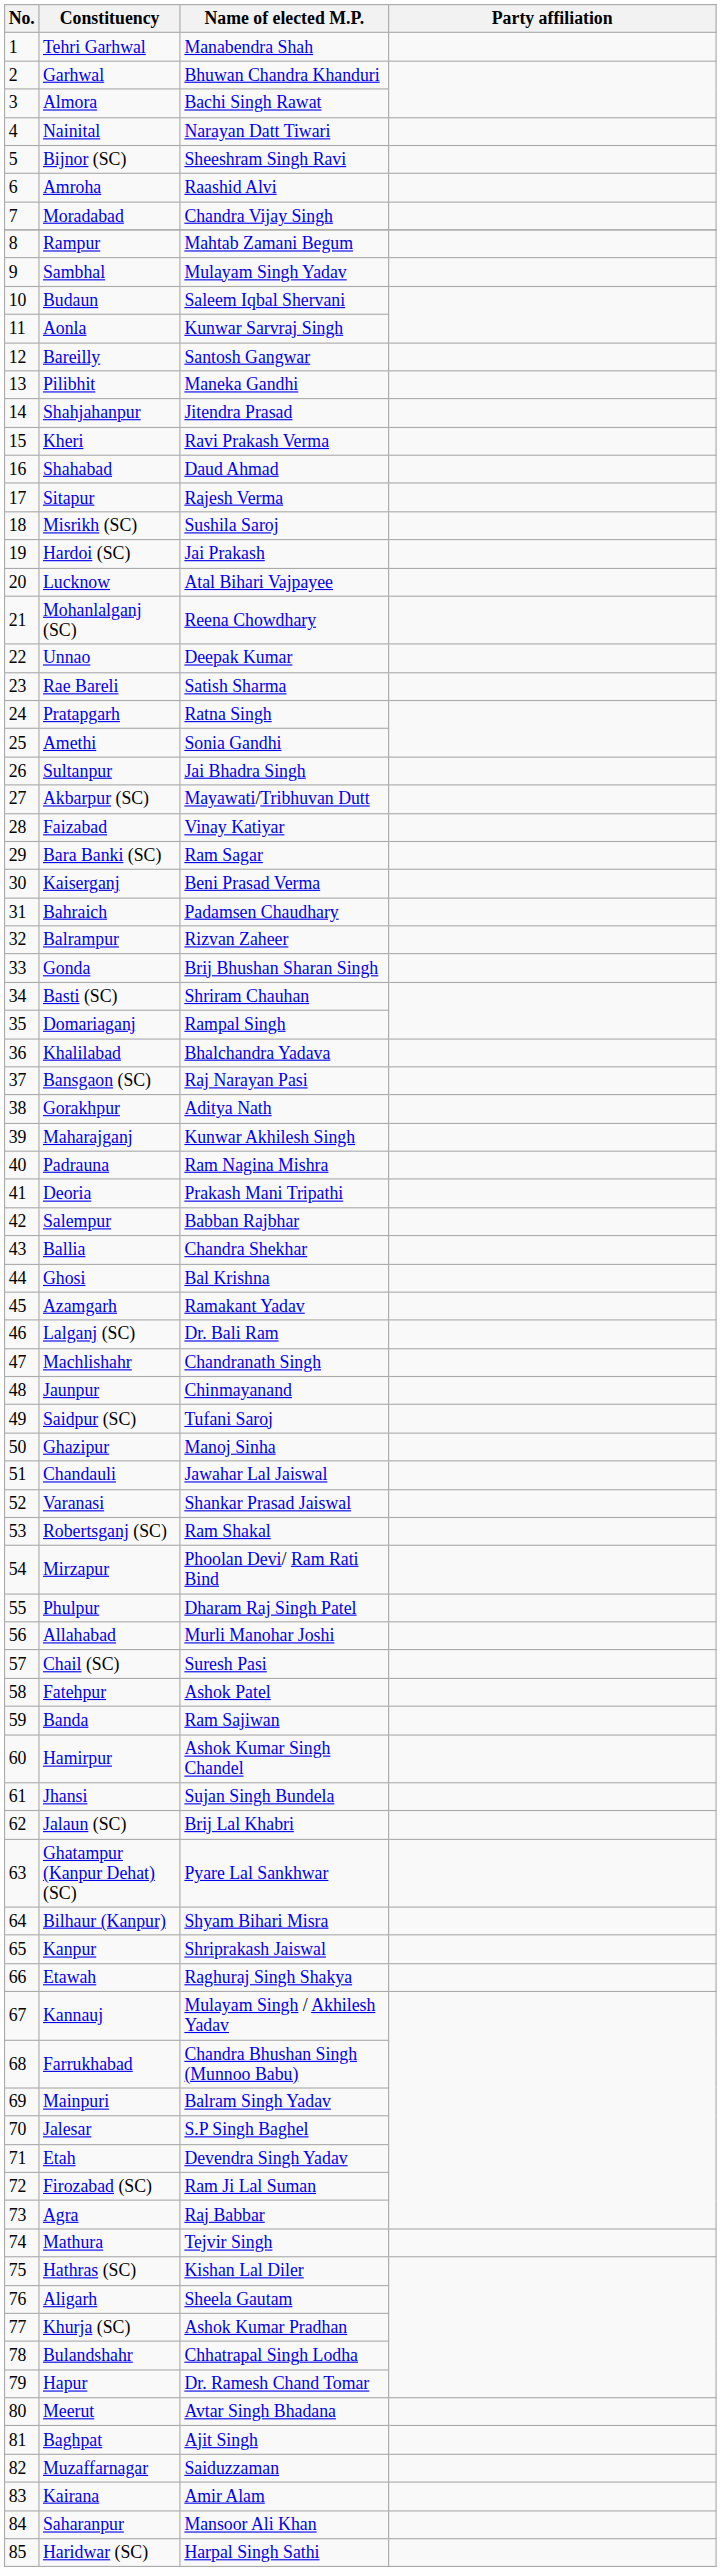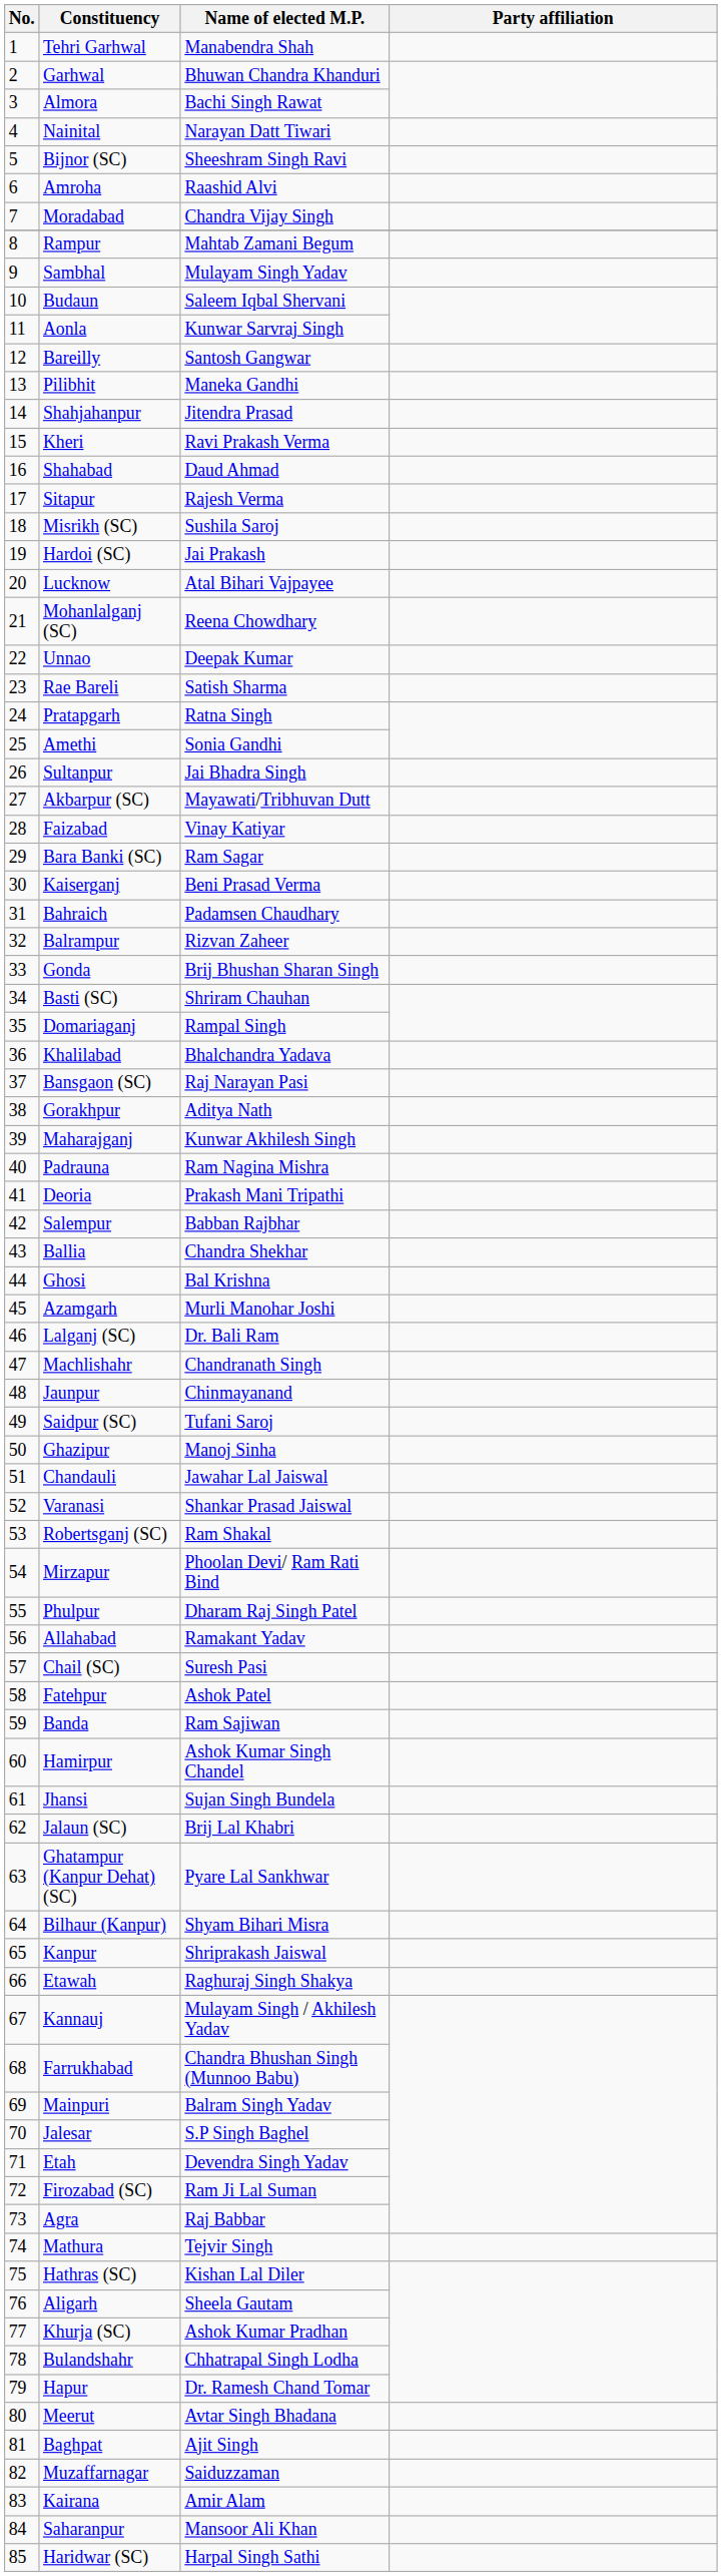 <table class="wikitable">
 <tr style="background:#ccc;-text-align:center;">
 <th>No.</th>
 <th style="width:120px">Constituency</th>
 <th style="width:180px">Name of elected M.P.</th>
 <th colspan="2" style="width:18em">Party affiliation</th>
 </tr>
 <tr>
 <td>1</td>
 <td><a href='#'>Tehri Garhwal</a></td>
 <td><a href='#'>Manabendra Shah</a></td>
 <td></td>
 </tr>
 <tr>
 <td>2</td>
 <td><a href='#'>Garhwal</a></td>
 <td><a href='#'>Bhuwan Chandra Khanduri</a></td>
 </tr>
 <tr>
 <td>3</td>
 <td><a href='#'>Almora</a></td>
 <td><a href='#'>Bachi Singh Rawat</a></td>
 </tr>
 <tr>
 <td>4</td>
 <td><a href='#'>Nainital</a></td>
 <td><a href='#'>Narayan Datt Tiwari</a></td>
 <td></td>
 </tr>
 <tr>
 <td>5</td>
 <td><a href='#'>Bijnor</a> (SC)</td>
 <td><a href='#'>Sheeshram Singh Ravi</a></td>
 <td></td>
 </tr>
 <tr>
 <td>6</td>
 <td><a href='#'>Amroha</a></td>
 <td><a href='#'>Raashid Alvi</a></td>
 <td></td>
 </tr>
 <tr>
 <td>7</td>
 <td><a href='#'>Moradabad</a></td>
 <td><a href='#'>Chandra Vijay Singh</a></td>
 <td></td>
 </tr>
 <tr bgcolor=#FFFFFF>
 </tr>
 <tr>
 <td>8</td>
 <td><a href='#'>Rampur</a></td>
 <td><a href='#'>Mahtab Zamani Begum</a></td>
 <td></td>
 </tr>
 <tr>
 <td>9</td>
 <td><a href='#'>Sambhal</a></td>
 <td><a href='#'>Mulayam Singh Yadav</a></td>
 <td></td>
 </tr>
 <tr>
 <td>10</td>
 <td><a href='#'>Budaun</a></td>
 <td><a href='#'>Saleem Iqbal Shervani</a></td>
 </tr>
 <tr>
 <td>11</td>
 <td><a href='#'>Aonla</a></td>
 <td><a href='#'>Kunwar Sarvraj Singh</a></td>
 </tr>
 <tr>
 <td>12</td>
 <td><a href='#'>Bareilly</a></td>
 <td><a href='#'>Santosh Gangwar</a></td>
 <td></td>
 </tr>
 <tr>
 <td>13</td>
 <td><a href='#'>Pilibhit</a></td>
 <td><a href='#'>Maneka Gandhi</a></td>
 <td></td>
 </tr>
 <tr>
 <td>14</td>
 <td><a href='#'>Shahjahanpur</a></td>
 <td><a href='#'>Jitendra Prasad</a></td>
 <td></td>
 </tr>
 <tr>
 <td>15</td>
 <td><a href='#'>Kheri</a></td>
 <td><a href='#'>Ravi Prakash Verma</a></td>
 <td></td>
 </tr>
 <tr>
 <td>16</td>
 <td><a href='#'>Shahabad</a></td>
 <td><a href='#'>Daud Ahmad</a></td>
 <td></td>
 </tr>
 <tr>
 <td>17</td>
 <td><a href='#'>Sitapur</a></td>
 <td><a href='#'>Rajesh Verma</a></td>
 </tr>
 <tr>
 <td>18</td>
 <td><a href='#'>Misrikh</a> (SC)</td>
 <td><a href='#'>Sushila Saroj</a></td>
 <td></td>
 </tr>
 <tr>
 <td>19</td>
 <td><a href='#'>Hardoi</a> (SC)</td>
 <td><a href='#'>Jai Prakash</a></td>
 <td></td>
 </tr>
 <tr>
 <td>20</td>
 <td><a href='#'>Lucknow</a></td>
 <td><a href='#'>Atal Bihari Vajpayee</a></td>
 <td></td>
 </tr>
 <tr>
 <td>21</td>
 <td><a href='#'>Mohanlalganj</a> (SC)</td>
 <td><a href='#'>Reena Chowdhary</a></td>
 <td></td>
 </tr>
 <tr>
 <td>22</td>
 <td><a href='#'>Unnao</a></td>
 <td><a href='#'>Deepak Kumar</a></td>
 </tr>
 <tr>
 <td>23</td>
 <td><a href='#'>Rae Bareli</a></td>
 <td><a href='#'>Satish Sharma</a></td>
 <td></td>
 </tr>
 <tr>
 <td>24</td>
 <td><a href='#'>Pratapgarh</a></td>
 <td><a href='#'>Ratna Singh</a></td>
 </tr>
 <tr>
 <td>25</td>
 <td><a href='#'>Amethi</a></td>
 <td><a href='#'>Sonia Gandhi</a></td>
 </tr>
 <tr>
 <td>26</td>
 <td><a href='#'>Sultanpur</a></td>
 <td><a href='#'>Jai Bhadra Singh</a></td>
 <td></td>
 </tr>
 <tr>
 <td>27</td>
 <td><a href='#'>Akbarpur</a> (SC)</td>
 <td><a href='#'>Mayawati</a>/<a href='#'>Tribhuvan Dutt</a></td>
 </tr>
 <tr>
 <td>28</td>
 <td><a href='#'>Faizabad</a></td>
 <td><a href='#'>Vinay Katiyar</a></td>
 <td></td>
 </tr>
 <tr>
 <td>29</td>
 <td><a href='#'>Bara Banki</a> (SC)</td>
 <td><a href='#'>Ram Sagar</a></td>
 <td></td>
 </tr>
 <tr>
 <td>30</td>
 <td><a href='#'>Kaiserganj</a></td>
 <td><a href='#'>Beni Prasad Verma</a></td>
 </tr>
 <tr>
 <td>31</td>
 <td><a href='#'>Bahraich</a></td>
 <td><a href='#'>Padamsen Chaudhary</a></td>
 <td></td>
 </tr>
 <tr>
 <td>32</td>
 <td><a href='#'>Balrampur</a></td>
 <td><a href='#'>Rizvan Zaheer</a></td>
 <td></td>
 </tr>
 <tr>
 <td>33</td>
 <td><a href='#'>Gonda</a></td>
 <td><a href='#'>Brij Bhushan Sharan Singh</a></td>
 <td></td>
 </tr>
 <tr>
 <td>34</td>
 <td><a href='#'>Basti</a> (SC)</td>
 <td><a href='#'>Shriram Chauhan</a></td>
 </tr>
 <tr>
 <td>35</td>
 <td><a href='#'>Domariaganj</a></td>
 <td><a href='#'>Rampal Singh</a></td>
 </tr>
 <tr>
 <td>36</td>
 <td><a href='#'>Khalilabad</a></td>
 <td><a href='#'>Bhalchandra Yadava</a></td>
 <td></td>
 </tr>
 <tr>
 <td>37</td>
 <td><a href='#'>Bansgaon</a> (SC)</td>
 <td><a href='#'>Raj Narayan Pasi</a></td>
 <td></td>
 </tr>
 <tr>
 <td>38</td>
 <td><a href='#'>Gorakhpur</a></td>
 <td><a href='#'>Aditya Nath</a></td>
 </tr>
 <tr>
 <td>39</td>
 <td><a href='#'>Maharajganj</a></td>
 <td><a href='#'>Kunwar Akhilesh Singh</a></td>
 <td></td>
 </tr>
 <tr>
 <td>40</td>
 <td><a href='#'>Padrauna</a></td>
 <td><a href='#'>Ram Nagina Mishra</a></td>
 <td></td>
 </tr>
 <tr>
 <td>41</td>
 <td><a href='#'>Deoria</a></td>
 <td><a href='#'>Prakash Mani Tripathi</a></td>
 </tr>
 <tr>
 <td>42</td>
 <td><a href='#'>Salempur</a></td>
 <td><a href='#'>Babban Rajbhar</a></td>
 <td></td>
 </tr>
 <tr>
 <td>43</td>
 <td><a href='#'>Ballia</a></td>
 <td><a href='#'>Chandra Shekhar</a></td>
 <td></td>
 </tr>
 <tr>
 <td>44</td>
 <td><a href='#'>Ghosi</a></td>
 <td><a href='#'>Bal Krishna</a></td>
 <td></td>
 </tr>
 <tr>
 <td>45</td>
 <td><a href='#'>Azamgarh</a></td>
-<td><a href='#'>Ramakant Yadav</a></td>
+<td><a href='#'>Murli Manohar Joshi</a></td>
 <td></td>
 </tr>
 <tr>
 <td>46</td>
 <td><a href='#'>Lalganj</a> (SC)</td>
 <td><a href='#'>Dr. Bali Ram</a></td>
 <td></td>
 </tr>
 <tr>
 <td>47</td>
 <td><a href='#'>Machlishahr</a></td>
 <td><a href='#'>Chandranath Singh</a></td>
 <td></td>
 </tr>
 <tr>
 <td>48</td>
 <td><a href='#'>Jaunpur</a></td>
 <td><a href='#'>Chinmayanand</a></td>
 <td></td>
 </tr>
 <tr>
 <td>49</td>
 <td><a href='#'>Saidpur</a> (SC)</td>
 <td><a href='#'>Tufani Saroj</a></td>
 <td></td>
 </tr>
 <tr>
 <td>50</td>
 <td><a href='#'>Ghazipur</a></td>
 <td><a href='#'>Manoj Sinha</a></td>
 <td></td>
 </tr>
 <tr>
 <td>51</td>
 <td><a href='#'>Chandauli</a></td>
 <td><a href='#'>Jawahar Lal Jaiswal</a></td>
 <td></td>
 </tr>
 <tr>
 <td>52</td>
 <td><a href='#'>Varanasi</a></td>
 <td><a href='#'>Shankar Prasad Jaiswal</a></td>
 <td></td>
 </tr>
 <tr>
 <td>53</td>
 <td><a href='#'>Robertsganj</a> (SC)</td>
 <td><a href='#'>Ram Shakal</a></td>
 </tr>
 <tr>
 <td>54</td>
 <td><a href='#'>Mirzapur</a></td>
 <td><a href='#'>Phoolan Devi</a>/ <a href='#'>Ram Rati Bind</a></td>
 <td></td>
 </tr>
 <tr>
 <td>55</td>
 <td><a href='#'>Phulpur</a></td>
 <td><a href='#'>Dharam Raj Singh Patel</a></td>
 </tr>
 <tr>
 <td>56</td>
 <td><a href='#'>Allahabad</a></td>
-<td><a href='#'>Murli Manohar Joshi</a></td>
+<td><a href='#'>Ramakant Yadav</a></td>
 <td></td>
 </tr>
 <tr>
 <td>57</td>
 <td><a href='#'>Chail</a> (SC)</td>
 <td><a href='#'>Suresh Pasi</a></td>
 <td></td>
 </tr>
 <tr>
 <td>58</td>
 <td><a href='#'>Fatehpur</a></td>
 <td><a href='#'>Ashok Patel</a></td>
 <td></td>
 </tr>
 <tr>
 <td>59</td>
 <td><a href='#'>Banda</a></td>
 <td><a href='#'>Ram Sajiwan</a></td>
 <td></td>
 </tr>
 <tr>
 <td>60</td>
 <td><a href='#'>Hamirpur</a></td>
 <td><a href='#'>Ashok Kumar Singh Chandel</a></td>
 </tr>
 <tr>
 <td>61</td>
 <td><a href='#'>Jhansi</a></td>
 <td><a href='#'>Sujan Singh Bundela</a></td>
 <td></td>
 </tr>
 <tr>
 <td>62</td>
 <td><a href='#'>Jalaun</a> (SC)</td>
 <td><a href='#'>Brij Lal Khabri</a></td>
 <td></td>
 </tr>
 <tr>
 <td>63</td>
 <td><a href='#'>Ghatampur (Kanpur Dehat)</a> (SC)</td>
 <td><a href='#'>Pyare Lal Sankhwar</a></td>
 </tr>
 <tr>
 <td>64</td>
 <td><a href='#'>Bilhaur (Kanpur)</a></td>
 <td><a href='#'>Shyam Bihari Misra</a></td>
 <td></td>
 </tr>
 <tr>
 <td>65</td>
 <td><a href='#'>Kanpur</a></td>
 <td><a href='#'>Shriprakash Jaiswal</a></td>
 <td></td>
 </tr>
 <tr>
 <td>66</td>
 <td><a href='#'>Etawah</a></td>
 <td><a href='#'>Raghuraj Singh Shakya</a></td>
 <td></td>
 </tr>
 <tr>
 <td>67</td>
 <td><a href='#'>Kannauj</a></td>
 <td><a href='#'>Mulayam Singh</a> / <a href='#'>Akhilesh Yadav</a></td>
 </tr>
 <tr>
 <td>68</td>
 <td><a href='#'>Farrukhabad</a></td>
 <td><a href='#'>Chandra Bhushan Singh (Munnoo Babu)</a></td>
 </tr>
 <tr>
 <td>69</td>
 <td><a href='#'>Mainpuri</a></td>
 <td><a href='#'>Balram Singh Yadav</a></td>
 </tr>
 <tr>
 <td>70</td>
 <td><a href='#'>Jalesar</a></td>
 <td><a href='#'>S.P Singh Baghel</a></td>
 </tr>
 <tr>
 <td>71</td>
 <td><a href='#'>Etah</a></td>
 <td><a href='#'>Devendra Singh Yadav</a></td>
 </tr>
 <tr>
 <td>72</td>
 <td><a href='#'>Firozabad</a> (SC)</td>
 <td><a href='#'>Ram Ji Lal Suman</a></td>
 </tr>
 <tr>
 <td>73</td>
 <td><a href='#'>Agra</a></td>
 <td><a href='#'>Raj Babbar</a></td>
 </tr>
 <tr>
 <td>74</td>
 <td><a href='#'>Mathura</a></td>
 <td><a href='#'>Tejvir Singh</a></td>
 <td></td>
 </tr>
 <tr>
 <td>75</td>
 <td><a href='#'>Hathras</a> (SC)</td>
 <td><a href='#'>Kishan Lal Diler</a></td>
 </tr>
 <tr>
 <td>76</td>
 <td><a href='#'>Aligarh</a></td>
 <td><a href='#'>Sheela Gautam</a></td>
 </tr>
 <tr>
 <td>77</td>
 <td><a href='#'>Khurja</a> (SC)</td>
 <td><a href='#'>Ashok Kumar Pradhan</a></td>
 </tr>
 <tr>
 <td>78</td>
 <td><a href='#'>Bulandshahr</a></td>
 <td><a href='#'>Chhatrapal Singh Lodha</a></td>
 </tr>
 <tr>
 <td>79</td>
 <td><a href='#'>Hapur</a></td>
 <td><a href='#'>Dr. Ramesh Chand Tomar</a></td>
 </tr>
 <tr>
 <td>80</td>
 <td><a href='#'>Meerut</a></td>
 <td><a href='#'>Avtar Singh Bhadana</a></td>
 <td></td>
 </tr>
 <tr>
 <td>81</td>
 <td><a href='#'>Baghpat</a></td>
 <td><a href='#'>Ajit Singh</a></td>
 <td></td>
 </tr>
 <tr>
 <td>82</td>
 <td><a href='#'>Muzaffarnagar</a></td>
 <td><a href='#'>Saiduzzaman</a></td>
 <td></td>
 </tr>
 <tr>
 <td>83</td>
 <td><a href='#'>Kairana</a></td>
 <td><a href='#'>Amir Alam</a></td>
 <td></td>
 </tr>
 <tr>
 <td>84</td>
 <td><a href='#'>Saharanpur</a></td>
 <td><a href='#'>Mansoor Ali Khan</a></td>
 <td></td>
 </tr>
 <tr>
 <td>85</td>
 <td><a href='#'>Haridwar</a> (SC)</td>
 <td><a href='#'>Harpal Singh Sathi</a></td>
 <td></td>
 </tr>
 </table>
